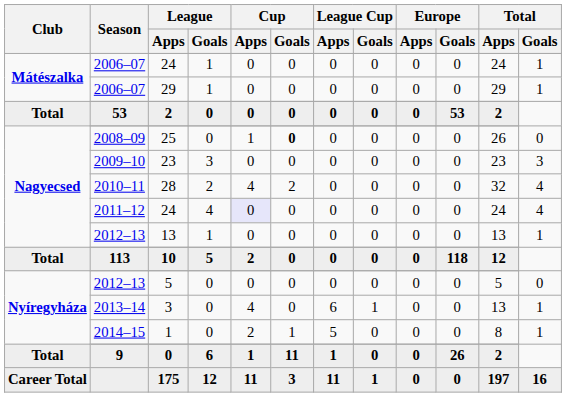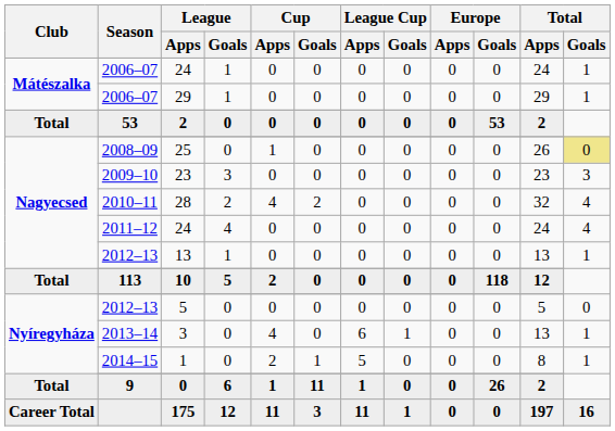 <table class="wikitable" style="font-size:90%; text-align: center;">
 <tr>
 <th rowspan="2">Club</th>
 <th rowspan="2">Season</th>
 <th colspan="2">League</th>
 <th colspan="2">Cup</th>
 <th colspan="2">League Cup</th>
 <th colspan="2">Europe</th>
 <th colspan="2">Total</th>
 </tr>
 <tr>
 <th>Apps</th>
 <th>Goals</th>
 <th>Apps</th>
 <th>Goals</th>
 <th>Apps</th>
 <th>Goals</th>
 <th>Apps</th>
 <th>Goals</th>
 <th>Apps</th>
 <th>Goals</th>
 </tr>
 <tr ||-||-||-|->
 <td rowspan="4" valign="center"><strong><a href='#'>Mátészalka</a></strong></td>
 </tr>
 <tr>
 <td><a href='#'>2006–07</a></td>
 <td>24</td>
 <td>1</td>
 <td>0</td>
 <td>0</td>
 <td>0</td>
 <td>0</td>
 <td>0</td>
 <td>0</td>
 <td>24</td>
 <td>1</td>
 </tr>
 <tr>
 <td><a href='#'>2006–07</a></td>
 <td>29</td>
 <td>1</td>
 <td>0</td>
 <td>0</td>
 <td>0</td>
 <td>0</td>
 <td>0</td>
 <td>0</td>
 <td>29</td>
 <td>1</td>
 </tr>
 <tr>
 </tr>
 <tr style="font-weight:bold; background-color:#eeeeee;">
 <td>Total</td>
 <td>53</td>
 <td>2</td>
 <td>0</td>
 <td>0</td>
 <td>0</td>
 <td>0</td>
 <td>0</td>
 <td>0</td>
 <td>53</td>
 <td>2</td>
 </tr>
 <tr>
 <td rowspan="7" valign="center"><strong><a href='#'>Nagyecsed</a></strong></td>
 </tr>
 <tr>
 <td><a href='#'>2008–09</a></td>
 <td>25</td>
 <td>0</td>
 <td>1</td>
-<td><strong>0</strong></td>
+<td>0</td>
 <td>0</td>
 <td>0</td>
 <td>0</td>
 <td>0</td>
 <td>26</td>
-<td>0</td>
+<td style="background: khaki;">0</td>
 </tr>
 <tr>
 <td><a href='#'>2009–10</a></td>
 <td>23</td>
 <td>3</td>
 <td>0</td>
 <td>0</td>
 <td>0</td>
 <td>0</td>
 <td>0</td>
 <td>0</td>
 <td>23</td>
 <td>3</td>
 </tr>
 <tr>
 <td><a href='#'>2010–11</a></td>
 <td>28</td>
 <td>2</td>
 <td>4</td>
 <td>2</td>
 <td>0</td>
 <td>0</td>
 <td>0</td>
 <td>0</td>
 <td>32</td>
 <td>4</td>
 </tr>
 <tr>
 <td><a href='#'>2011–12</a></td>
 <td>24</td>
 <td>4</td>
-<td style="background: lavender;">0</td>
+<td>0</td>
 <td>0</td>
 <td>0</td>
 <td>0</td>
 <td>0</td>
 <td>0</td>
 <td>24</td>
 <td>4</td>
 </tr>
 <tr>
 <td><a href='#'>2012–13</a></td>
 <td>13</td>
 <td>1</td>
 <td>0</td>
 <td>0</td>
 <td>0</td>
 <td>0</td>
 <td>0</td>
 <td>0</td>
 <td>13</td>
 <td>1</td>
 </tr>
 <tr>
 </tr>
 <tr style="font-weight:bold; background-color:#eeeeee;">
 <td>Total</td>
 <td>113</td>
 <td>10</td>
 <td>5</td>
 <td>2</td>
 <td>0</td>
 <td>0</td>
 <td>0</td>
 <td>0</td>
 <td>118</td>
 <td>12</td>
 </tr>
 <tr>
 <td rowspan="5" valign="center"><strong><a href='#'>Nyíregyháza</a></strong></td>
 </tr>
 <tr>
 <td><a href='#'>2012–13</a></td>
 <td>5</td>
 <td>0</td>
 <td>0</td>
 <td>0</td>
 <td>0</td>
 <td>0</td>
 <td>0</td>
 <td>0</td>
 <td>5</td>
 <td>0</td>
 </tr>
 <tr>
 <td><a href='#'>2013–14</a></td>
 <td>3</td>
 <td>0</td>
 <td>4</td>
 <td>0</td>
 <td>6</td>
 <td>1</td>
 <td>0</td>
 <td>0</td>
 <td>13</td>
 <td>1</td>
 </tr>
 <tr>
 <td><a href='#'>2014–15</a></td>
 <td>1</td>
 <td>0</td>
 <td>2</td>
 <td>1</td>
 <td>5</td>
 <td>0</td>
 <td>0</td>
 <td>0</td>
 <td>8</td>
 <td>1</td>
 </tr>
 <tr>
 </tr>
 <tr style="font-weight:bold; background-color:#eeeeee;">
 <td>Total</td>
 <td>9</td>
 <td>0</td>
 <td>6</td>
 <td>1</td>
 <td>11</td>
 <td>1</td>
 <td>0</td>
 <td>0</td>
 <td>26</td>
 <td>2</td>
 </tr>
 <tr style="font-weight:bold; background-color:#eeeeee;">
 <td rowspan="1" valign="top"><strong>Career Total</strong></td>
 <td></td>
 <td><strong>175</strong></td>
 <td><strong>12</strong></td>
 <td><strong>11</strong></td>
 <td><strong>3</strong></td>
 <td><strong>11</strong></td>
 <td><strong>1</strong></td>
 <td><strong>0</strong></td>
 <td><strong>0</strong></td>
 <td><strong>197</strong></td>
 <td><strong>16</strong></td>
 </tr>
 </table>
